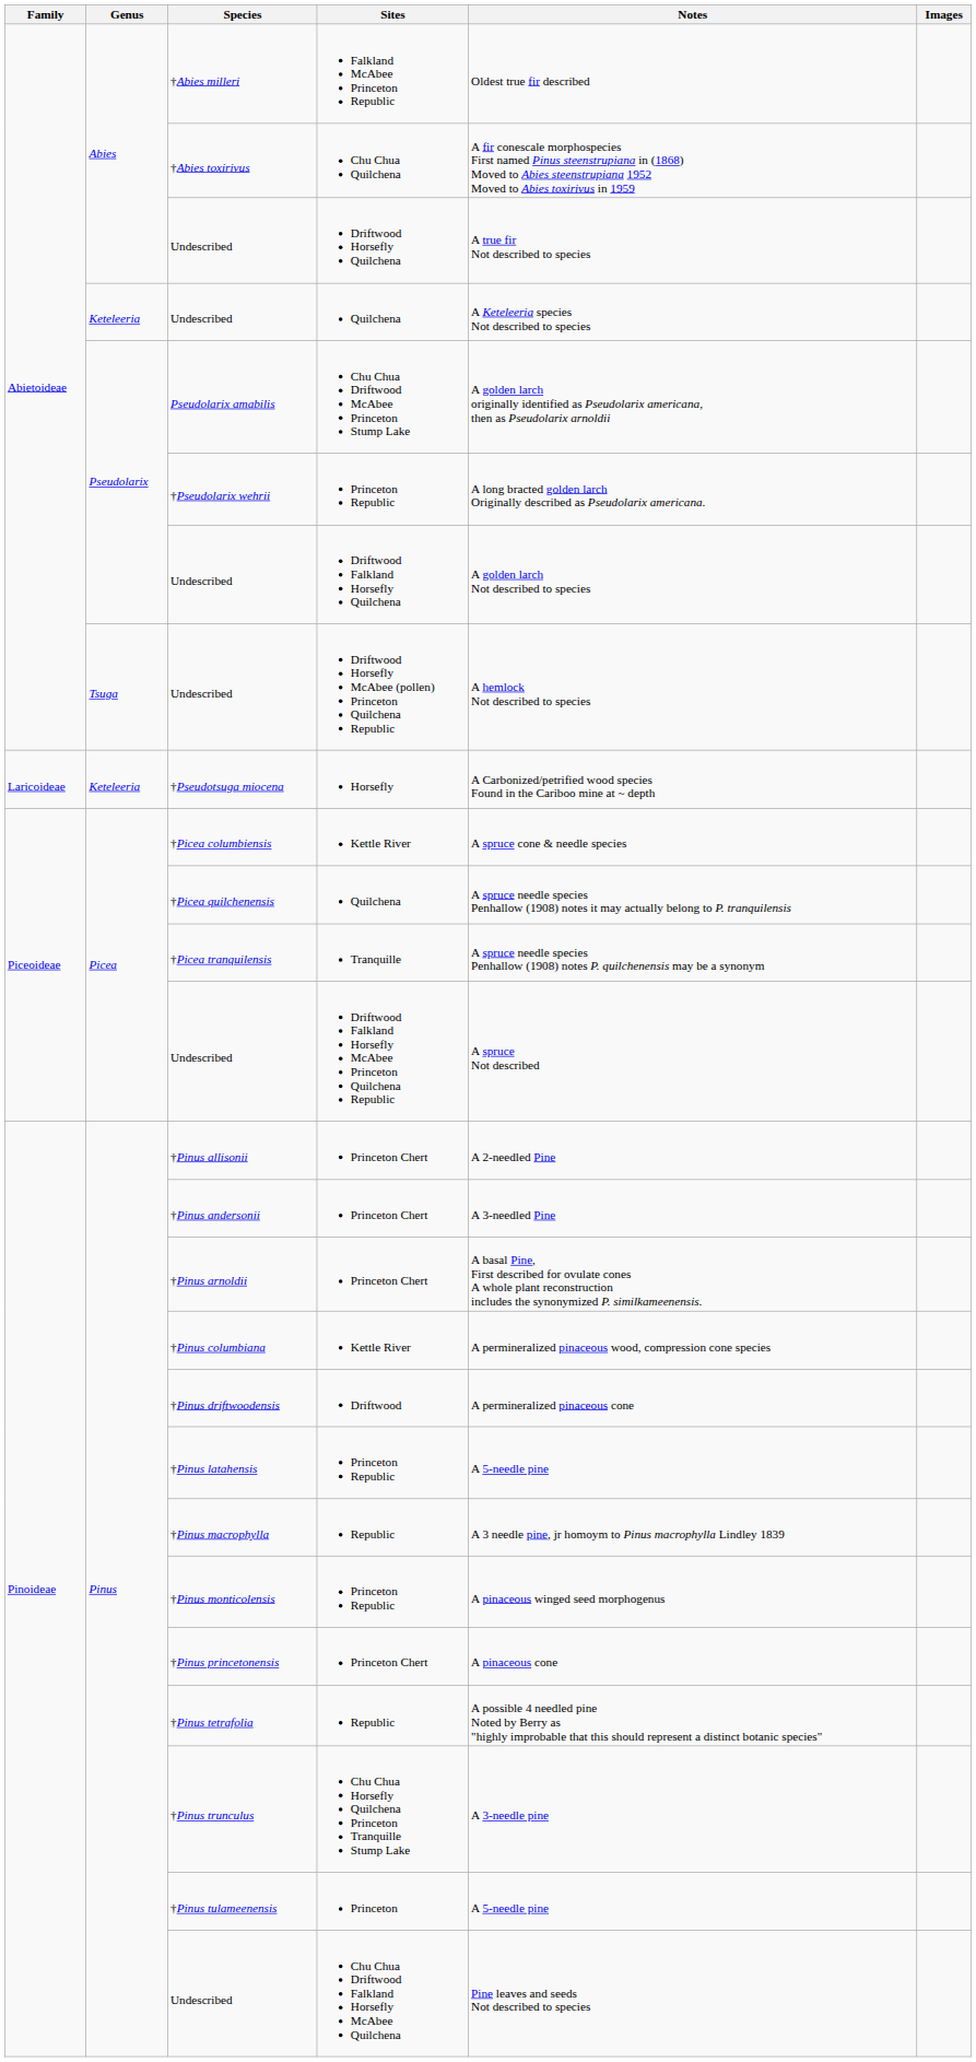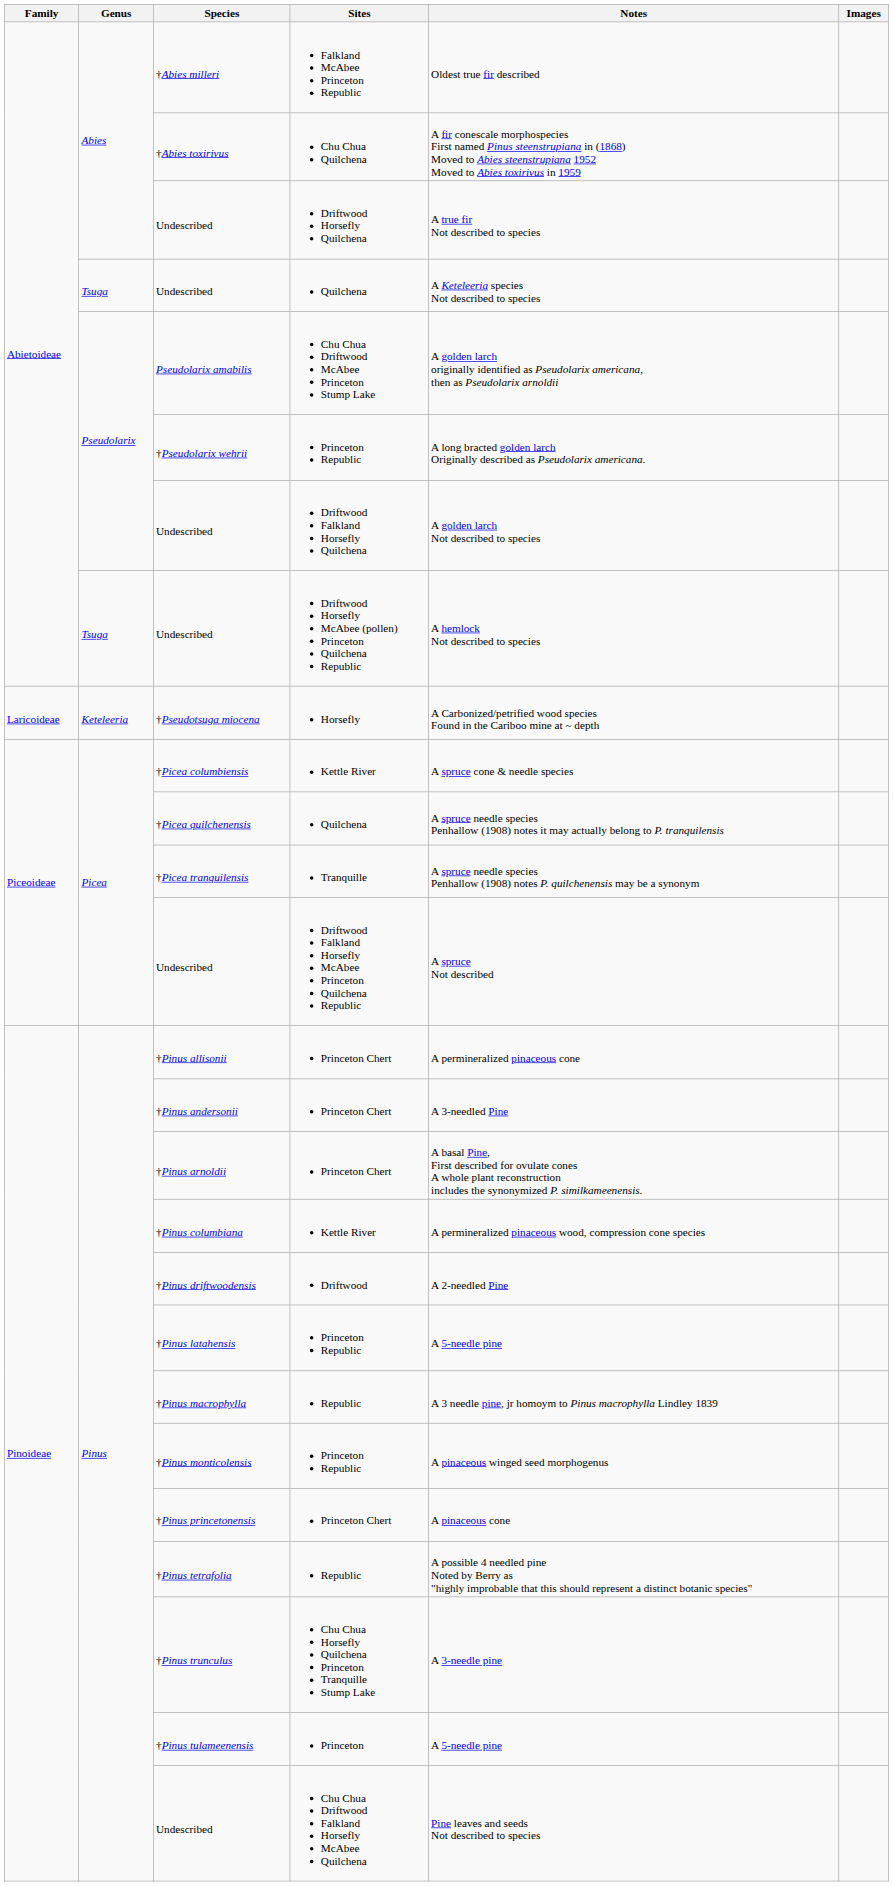 <table class="wikitable sortable"  style="margin:auto; width:100%;">
 <tr>
 <th>Family</th>
 <th>Genus</th>
 <th>Species</th>
 <th>Sites</th>
 <th>Notes</th>
 <th>Images</th>
 </tr>
 <tr>
 <td rowspan=8><a href='#'>Abietoideae</a></td>
 <td rowspan=3><em><a href='#'>Abies</a></em></td>
 <td><br>†<em><a href='#'>Abies milleri</a></em></td>
 <td><br><ul><li>Falkland</li><li>McAbee</li><li>Princeton</li><li>Republic</li></ul></td>
 <td><br>Oldest true <a href='#'>fir</a> described</td>
 <td><br></td>
 </tr>
 <tr>
 <td><br>†<em><a href='#'>Abies toxirivus</a></em></td>
 <td><br><ul><li>Chu Chua</li><li>Quilchena</li></ul></td>
 <td><br>A <a href='#'>fir</a> conescale morphospecies<br>First named <em><a href='#'>Pinus steenstrupiana</a></em> in (<a href='#'>1868</a>)<br>Moved to <em><a href='#'>Abies steenstrupiana</a></em> <a href='#'>1952</a><br>Moved to <em><a href='#'>Abies toxirivus</a></em> in <a href='#'>1959</a></td>
 <td></td>
 </tr>
 <tr>
 <td><br>Undescribed</td>
 <td><br><ul><li>Driftwood</li><li>Horsefly</li><li>Quilchena</li></ul></td>
 <td><br>A <a href='#'>true fir</a><br> Not described to species</td>
 <td></td>
 </tr>
 <tr>
-<td><br><em><a href='#'>Keteleeria</a></em></td>
+<td><br><em><a href='#'>Tsuga</a></em></td>
 <td><br>Undescribed</td>
 <td><br><ul><li>Quilchena</li></ul></td>
 <td><br>A <em><a href='#'>Keteleeria</a></em> species<br>Not described to species</td>
 <td></td>
 </tr>
 <tr>
 <td rowspan=3><em><a href='#'>Pseudolarix</a></em></td>
 <td><br><em><a href='#'>Pseudolarix amabilis</a></em></td>
 <td><br><ul><li>Chu Chua</li><li>Driftwood</li><li>McAbee</li><li>Princeton</li><li>Stump Lake</li></ul></td>
 <td><br>A <a href='#'>golden larch</a><br> originally identified as <em>Pseudolarix americana</em>, <br>then as <em>Pseudolarix arnoldii</em></td>
 <td></td>
 </tr>
 <tr>
 <td><br>†<em><a href='#'>Pseudolarix wehrii</a></em></td>
 <td><br><ul><li>Princeton</li><li>Republic</li></ul></td>
 <td><br>A long bracted <a href='#'>golden larch</a><br> Originally described as <em>Pseudolarix americana</em>.</td>
 <td><br></td>
 </tr>
 <tr>
 <td><br>Undescribed</td>
 <td><br><ul><li>Driftwood</li><li>Falkland</li><li>Horsefly</li><li>Quilchena</li></ul></td>
 <td><br>A <a href='#'>golden larch</a><br>Not described to species</td>
 <td></td>
 </tr>
 <tr>
 <td><br><em><a href='#'>Tsuga</a></em></td>
 <td><br>Undescribed</td>
 <td><br><ul><li>Driftwood</li><li>Horsefly</li><li>McAbee (pollen)</li><li>Princeton</li><li>Quilchena</li><li>Republic</li></ul></td>
 <td><br>A <a href='#'>hemlock</a><br> Not described to species</td>
 <td></td>
 </tr>
 <tr>
 <td><br><a href='#'>Laricoideae</a></td>
 <td><br><em><a href='#'>Keteleeria</a></em></td>
 <td><br>†<em><a href='#'>Pseudotsuga miocena</a></em></td>
 <td><br><ul><li>Horsefly</li></ul></td>
 <td><br>A Carbonized/petrified wood species<br> Found in the Cariboo mine at ~ depth</td>
 <td><br></td>
 </tr>
 <tr>
 <td rowspan=4><a href='#'>Piceoideae</a></td>
 <td rowspan=4><em><a href='#'>Picea</a></em></td>
 <td><br>†<em><a href='#'>Picea columbiensis</a></em></td>
 <td><br><ul><li>Kettle River</li></ul></td>
 <td><br>A <a href='#'>spruce</a> cone & needle species</td>
 <td><br></td>
 </tr>
 <tr>
 <td><br>†<em><a href='#'>Picea quilchenensis</a></em></td>
 <td><br><ul><li>Quilchena</li></ul></td>
 <td><br>A <a href='#'>spruce</a> needle species<br>Penhallow (1908) notes it may actually belong to <em>P. tranquilensis</em></td>
 <td></td>
 </tr>
 <tr>
 <td><br>†<em><a href='#'>Picea tranquilensis</a></em></td>
 <td><br><ul><li>Tranquille</li></ul></td>
 <td><br>A <a href='#'>spruce</a> needle species<br>Penhallow (1908) notes <em>P. quilchenensis</em> may be a synonym</td>
 <td></td>
 </tr>
 <tr>
 <td><br>Undescribed</td>
 <td><br><ul><li>Driftwood</li><li>Falkland</li><li>Horsefly</li><li>McAbee</li><li>Princeton</li><li>Quilchena</li><li>Republic</li></ul></td>
 <td><br>A <a href='#'>spruce</a><br> Not described</td>
 <td></td>
 </tr>
 <tr>
 <td rowspan=26><a href='#'>Pinoideae</a></td>
 <td rowspan=26><em><a href='#'>Pinus</a></em></td>
 <td><br>†<em><a href='#'>Pinus allisonii</a></em></td>
 <td><br><ul><li>Princeton Chert</li></ul></td>
-<td><br>A 2-needled <a href='#'>Pine</a></td>
+<td><br>A permineralized <a href='#'>pinaceous</a> cone</td>
 <td></td>
 </tr>
 <tr>
 <td><br>†<em><a href='#'>Pinus andersonii</a></em></td>
 <td><br><ul><li>Princeton Chert</li></ul></td>
 <td><br>A 3-needled <a href='#'>Pine</a></td>
 <td></td>
 </tr>
 <tr>
 <td><br>†<em><a href='#'>Pinus arnoldii</a></em></td>
 <td><br><ul><li>Princeton Chert</li></ul></td>
 <td><br>A basal <a href='#'>Pine</a>,<br> First described for ovulate cones<br>A whole plant reconstruction<br> includes the synonymized <em>P. similkameenensis</em>.</td>
 <td></td>
 </tr>
 <tr>
 <td><br>†<em><a href='#'>Pinus columbiana</a></em></td>
 <td><br><ul><li>Kettle River</li></ul></td>
 <td><br>A permineralized <a href='#'>pinaceous</a> wood, compression cone species</td>
 <td><br></td>
 </tr>
 <tr>
 <td><br>†<em><a href='#'>Pinus driftwoodensis</a></em></td>
 <td><br><ul><li>Driftwood</li></ul></td>
-<td><br>A permineralized <a href='#'>pinaceous</a> cone</td>
+<td><br>A 2-needled <a href='#'>Pine</a></td>
 <td></td>
 </tr>
 <tr>
 <td><br>†<em><a href='#'>Pinus latahensis</a></em></td>
 <td><br><ul><li>Princeton</li><li>Republic</li></ul></td>
 <td><br>A <a href='#'>5-needle pine</a></td>
 <td><br></td>
 </tr>
 <tr>
 <td><br>†<em><a href='#'>Pinus macrophylla</a></em></td>
 <td><br><ul><li>Republic</li></ul></td>
 <td><br>A 3 needle <a href='#'>pine</a>, jr homoym to <em>Pinus macrophylla</em> Lindley 1839</td>
 <td><br></td>
 </tr>
 <tr>
 <td><br>†<em><a href='#'>Pinus monticolensis</a></em></td>
 <td><br><ul><li>Princeton</li><li>Republic</li></ul></td>
 <td><br>A <a href='#'>pinaceous</a> winged seed morphogenus</td>
 <td><br></td>
 </tr>
 <tr>
 <td><br>†<em><a href='#'>Pinus princetonensis</a></em></td>
 <td><br><ul><li>Princeton Chert</li></ul></td>
 <td><br>A <a href='#'>pinaceous</a> cone</td>
 <td></td>
 </tr>
 <tr>
 <td><br>†<em><a href='#'>Pinus tetrafolia</a></em></td>
 <td><br><ul><li>Republic</li></ul></td>
 <td><br>A possible 4 needled pine<br> Noted by Berry as <br>"highly improbable that this should represent a distinct botanic species"</td>
 <td><br></td>
 </tr>
 <tr>
 <td><br>†<em><a href='#'>Pinus trunculus</a></em></td>
 <td><br><ul><li>Chu Chua</li><li>Horsefly</li><li>Quilchena</li><li>Princeton</li><li>Tranquille</li><li>Stump Lake</li></ul></td>
 <td><br>A <a href='#'>3-needle pine</a></td>
 <td><br></td>
 </tr>
 <tr>
 <td><br>†<em><a href='#'>Pinus tulameenensis</a></em></td>
 <td><br><ul><li>Princeton</li></ul></td>
 <td><br>A <a href='#'>5-needle pine</a></td>
 <td></td>
 </tr>
 <tr>
 <td><br>Undescribed</td>
 <td><br><ul><li>Chu Chua</li><li>Driftwood</li><li>Falkland</li><li>Horsefly</li><li>McAbee</li><li>Quilchena</li></ul></td>
 <td><br><a href='#'>Pine</a> leaves and seeds<br> Not described to species</td>
 <td></td>
 </tr>
 </table>
